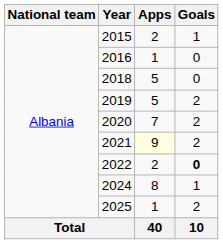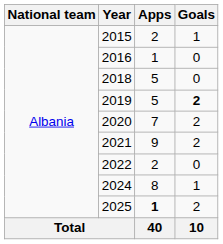 <table class="wikitable" style="text-align:center">
 <tr>
 <th>National team</th>
 <th>Year</th>
 <th>Apps</th>
 <th>Goals</th>
 </tr>
 <tr>
 <td rowspan="9"><a href='#'>Albania</a></td>
 <td>2015</td>
 <td>2</td>
 <td>1</td>
 </tr>
 <tr>
 <td>2016</td>
 <td>1</td>
 <td>0</td>
 </tr>
 <tr>
 <td>2018</td>
 <td>5</td>
 <td>0</td>
 </tr>
 <tr>
 <td>2019</td>
 <td>5</td>
-<td>2</td>
+<td><strong>2</strong></td>
 </tr>
 <tr>
 <td>2020</td>
 <td>7</td>
 <td>2</td>
 </tr>
 <tr>
 <td>2021</td>
-<td style="background: lightyellow;">9</td>
+<td>9</td>
 <td>2</td>
 </tr>
 <tr>
 <td>2022</td>
 <td>2</td>
-<td><strong>0</strong></td>
+<td>0</td>
 </tr>
 <tr>
 <td>2024</td>
 <td>8</td>
 <td>1</td>
 </tr>
 <tr>
 <td>2025</td>
-<td>1</td>
+<td><strong>1</strong></td>
 <td>2</td>
 </tr>
 <tr>
 <th colspan="2">Total</th>
 <th>40</th>
 <th>10</th>
 </tr>
 </table>
